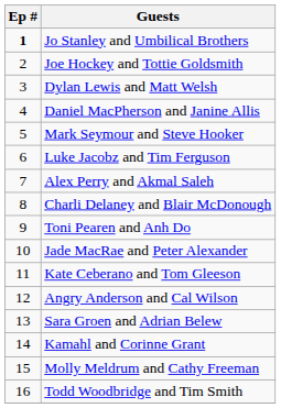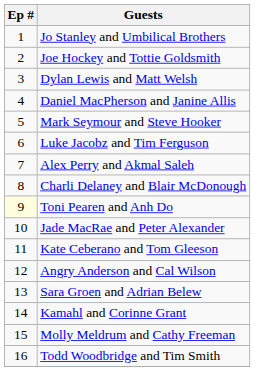 <table class="wikitable">
 <tr>
 <th>Ep #</th>
 <th>Guests</th>
 </tr>
 <tr>
-<td align="center"><strong>1</strong></td>
+<td align="center">1</td>
 <td><a href='#'>Jo Stanley</a> and <a href='#'>Umbilical Brothers</a></td>
 </tr>
 <tr>
 <td align="center">2</td>
 <td><a href='#'>Joe Hockey</a> and <a href='#'>Tottie Goldsmith</a></td>
 </tr>
 <tr>
 <td align="center">3</td>
 <td><a href='#'>Dylan Lewis</a> and <a href='#'>Matt Welsh</a></td>
 </tr>
 <tr>
 <td align="center">4</td>
 <td><a href='#'>Daniel MacPherson</a> and <a href='#'>Janine Allis</a></td>
 </tr>
 <tr>
 <td align="center">5</td>
 <td><a href='#'>Mark Seymour</a> and <a href='#'>Steve Hooker</a></td>
 </tr>
 <tr>
 <td align="center">6</td>
 <td><a href='#'>Luke Jacobz</a> and <a href='#'>Tim Ferguson</a></td>
 </tr>
 <tr>
 <td align="center">7</td>
 <td><a href='#'>Alex Perry</a> and <a href='#'>Akmal Saleh</a></td>
 </tr>
 <tr>
 <td align="center">8</td>
 <td><a href='#'>Charli Delaney</a> and <a href='#'>Blair McDonough</a></td>
 </tr>
 <tr>
-<td align="center">9</td>
+<td align="center" style="background: lightyellow;">9</td>
 <td><a href='#'>Toni Pearen</a> and <a href='#'>Anh Do</a></td>
 </tr>
 <tr>
 <td align="center">10</td>
 <td><a href='#'>Jade MacRae</a> and <a href='#'>Peter Alexander</a></td>
 </tr>
 <tr>
 <td align="center">11</td>
 <td><a href='#'>Kate Ceberano</a> and <a href='#'>Tom Gleeson</a></td>
 </tr>
 <tr>
 <td align="center">12</td>
 <td><a href='#'>Angry Anderson</a> and <a href='#'>Cal Wilson</a></td>
 </tr>
 <tr>
 <td align="center">13</td>
 <td><a href='#'>Sara Groen</a> and <a href='#'>Adrian Belew</a></td>
 </tr>
 <tr>
 <td align="center">14</td>
 <td><a href='#'>Kamahl</a> and <a href='#'>Corinne Grant</a></td>
 </tr>
 <tr>
 <td align="center">15</td>
 <td><a href='#'>Molly Meldrum</a> and <a href='#'>Cathy Freeman</a></td>
 </tr>
 <tr>
 <td align="center">16</td>
 <td><a href='#'>Todd Woodbridge</a> and Tim Smith</td>
 </tr>
 <tr>
 </tr>
 </table>
